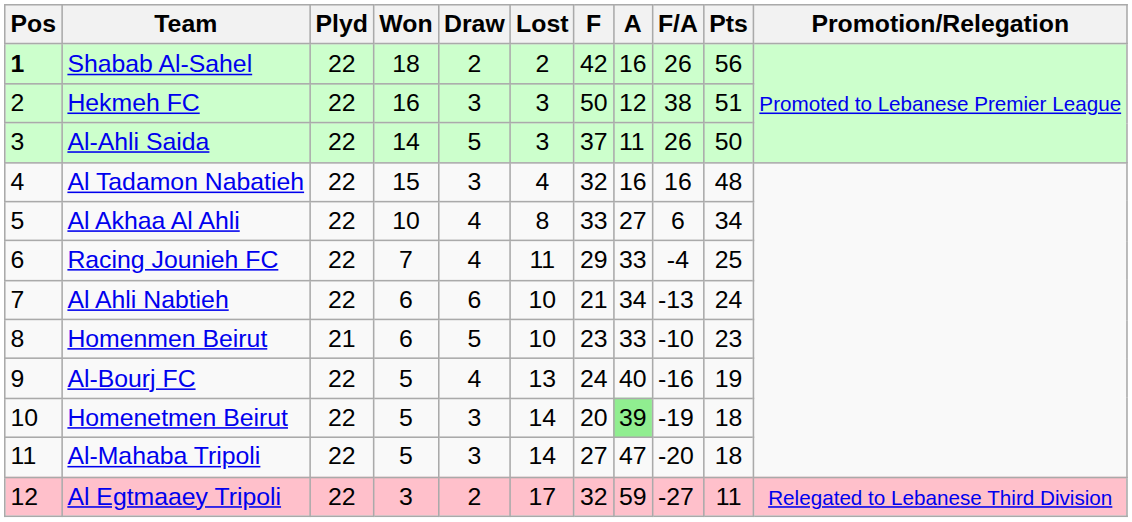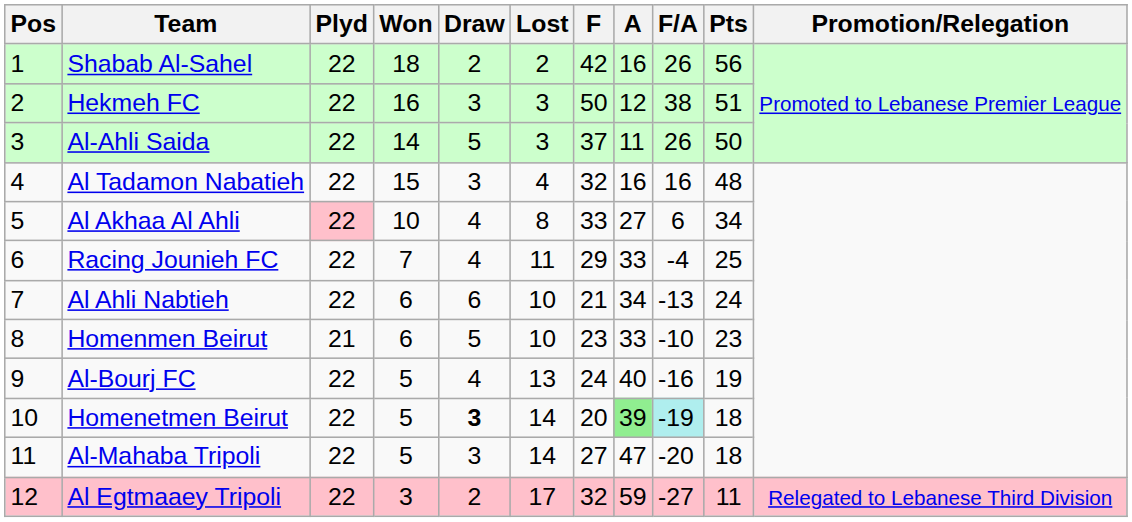 <table class="wikitable" border="1">
 <tr>
 <th>Pos</th>
 <th>Team</th>
 <th align=center>Plyd</th>
 <th align=center>Won</th>
 <th align=center>Draw</th>
 <th align=center>Lost</th>
 <th>F</th>
 <th>A</th>
 <th>F/A</th>
 <th>Pts</th>
 <th>Promotion/Relegation</th>
 </tr>
 <tr bgcolor=#ccffcc>
-<td><strong>1</strong></td>
+<td>1</td>
 <td><a href='#'>Shabab Al-Sahel</a></td>
 <td align=center>22</td>
 <td align=center>18</td>
 <td align=center>2</td>
 <td align=center>2</td>
 <td>42</td>
 <td>16</td>
 <td align=center>26</td>
 <td align=center>56</td>
 <td rowspan=3><small> <a href='#'>Promoted to Lebanese Premier League</a></small></td>
 </tr>
 <tr bgcolor=#ccffcc>
 <td>2</td>
 <td><a href='#'>Hekmeh FC</a></td>
 <td align=center>22</td>
 <td align=center>16</td>
 <td align=center>3</td>
 <td align=center>3</td>
 <td>50</td>
 <td>12</td>
 <td align=center>38</td>
 <td align=center>51</td>
 </tr>
 <tr bgcolor=#ccffcc>
 <td>3</td>
 <td><a href='#'>Al-Ahli Saida</a></td>
 <td align=center>22</td>
 <td align=center>14</td>
 <td align=center>5</td>
 <td align=center>3</td>
 <td>37</td>
 <td>11</td>
 <td align=center>26</td>
 <td align=center>50</td>
 </tr>
 <tr>
 <td>4</td>
 <td><a href='#'>Al Tadamon Nabatieh</a></td>
 <td align=center>22</td>
 <td align=center>15</td>
 <td align=center>3</td>
 <td align=center>4</td>
 <td>32</td>
 <td>16</td>
 <td align=center>16</td>
 <td align=center>48</td>
 <td rowspan=8></td>
 </tr>
 <tr>
 <td>5</td>
 <td><a href='#'>Al Akhaa Al Ahli</a></td>
-<td align=center>22</td>
+<td align=center style="background: pink;">22</td>
 <td align=center>10</td>
 <td align=center>4</td>
 <td align=center>8</td>
 <td>33</td>
 <td>27</td>
 <td align=center>6</td>
 <td align=center>34</td>
 </tr>
 <tr>
 <td>6</td>
 <td><a href='#'>Racing Jounieh FC</a></td>
 <td align=center>22</td>
 <td align=center>7</td>
 <td align=center>4</td>
 <td align=center>11</td>
 <td>29</td>
 <td>33</td>
 <td align=center>-4</td>
 <td align=center>25</td>
 </tr>
 <tr>
 <td>7</td>
 <td><a href='#'>Al Ahli Nabtieh</a></td>
 <td align=center>22</td>
 <td align=center>6</td>
 <td align=center>6</td>
 <td align=center>10</td>
 <td>21</td>
 <td>34</td>
 <td>-13</td>
 <td align=center>24</td>
 </tr>
 <tr>
 <td>8</td>
 <td><a href='#'>Homenmen Beirut</a></td>
 <td align=center>21</td>
 <td align=center>6</td>
 <td align=center>5</td>
 <td align=center>10</td>
 <td>23</td>
 <td>33</td>
 <td>-10</td>
 <td align=center>23</td>
 </tr>
 <tr>
 <td>9</td>
 <td><a href='#'>Al-Bourj FC</a></td>
 <td align=center>22</td>
 <td align=center>5</td>
 <td align=center>4</td>
 <td align=center>13</td>
 <td>24</td>
 <td>40</td>
 <td>-16</td>
 <td align=center>19</td>
 </tr>
 <tr>
 <td>10</td>
 <td><a href='#'>Homenetmen Beirut</a></td>
 <td align=center>22</td>
 <td align=center>5</td>
-<td align=center>3</td>
+<td align=center><strong>3</strong></td>
 <td align=center>14</td>
 <td>20</td>
 <td style="background: lightgreen;">39</td>
-<td>-19</td>
+<td style="background: paleturquoise;">-19</td>
 <td align=center>18</td>
 </tr>
 <tr>
 <td>11</td>
 <td><a href='#'>Al-Mahaba Tripoli</a></td>
 <td align=center>22</td>
 <td align=center>5</td>
 <td align=center>3</td>
 <td align=center>14</td>
 <td>27</td>
 <td>47</td>
 <td>-20</td>
 <td align=center>18</td>
 </tr>
 <tr bgcolor=pink>
 <td>12</td>
 <td><a href='#'>Al Egtmaaey Tripoli</a></td>
 <td align=center>22</td>
 <td align=center>3</td>
 <td align=center>2</td>
 <td align=center>17</td>
 <td>32</td>
 <td>59</td>
 <td>-27</td>
 <td align=center>11</td>
 <td align=center><small> <a href='#'>Relegated to Lebanese Third Division</a></small></td>
 </tr>
 </table>
